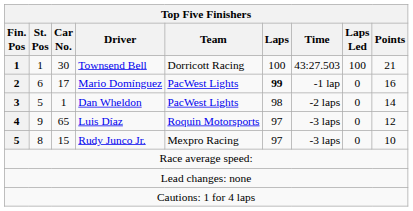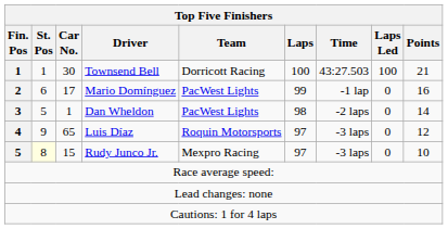 <table class="wikitable" style="font-size:95%;">
 <tr>
 <th colspan=9>Top Five Finishers</th>
 </tr>
 <tr>
 <th>Fin.<br>Pos</th>
 <th>St.<br>Pos</th>
 <th>Car<br>No.</th>
 <th>Driver</th>
 <th>Team</th>
 <th>Laps</th>
 <th>Time</th>
 <th>Laps<br>Led</th>
 <th>Points</th>
 </tr>
 <tr>
 <th>1</th>
 <td align=center>1</td>
 <td align=center>30</td>
 <td> <a href='#'>Townsend Bell</a></td>
 <td>Dorricott Racing</td>
 <td align=center>100</td>
 <td align=right>43:27.503</td>
 <td align=center>100</td>
 <td align=center>21</td>
 </tr>
 <tr>
 <th>2</th>
 <td align=center>6</td>
 <td align=center>17</td>
 <td> <a href='#'>Mario Domínguez</a></td>
 <td><a href='#'>PacWest Lights</a></td>
-<td align=center><strong>99</strong></td>
+<td align=center>99</td>
 <td align=right>-1 lap</td>
 <td align=center>0</td>
 <td align=center>16</td>
 </tr>
 <tr>
 <th>3</th>
 <td align=center>5</td>
 <td align=center>1</td>
 <td> <a href='#'>Dan Wheldon</a></td>
 <td><a href='#'>PacWest Lights</a></td>
 <td align=center>98</td>
 <td align=right>-2 laps</td>
 <td align=center>0</td>
 <td align=center>14</td>
 </tr>
 <tr>
 <th>4</th>
 <td align=center>9</td>
 <td align=center>65</td>
 <td> <a href='#'>Luis Díaz</a></td>
 <td><a href='#'>Roquin Motorsports</a></td>
 <td align=center>97</td>
 <td align=right>-3 laps</td>
 <td align=center>0</td>
 <td align=center>12</td>
 </tr>
 <tr>
 <th>5</th>
-<td align=center>8</td>
+<td align=center style="background: lightyellow;">8</td>
 <td align=center>15</td>
 <td> <a href='#'>Rudy Junco Jr.</a></td>
 <td>Mexpro Racing</td>
 <td align=center>97</td>
 <td align=right>-3 laps</td>
 <td align=center>0</td>
 <td align=center>10</td>
 </tr>
 <tr>
 <td align=center colspan=9>Race average speed: </td>
 </tr>
 <tr>
 <td align=center colspan=9>Lead changes: none</td>
 </tr>
 <tr>
 <td align=center colspan=9>Cautions: 1 for 4 laps</td>
 </tr>
 </table>
